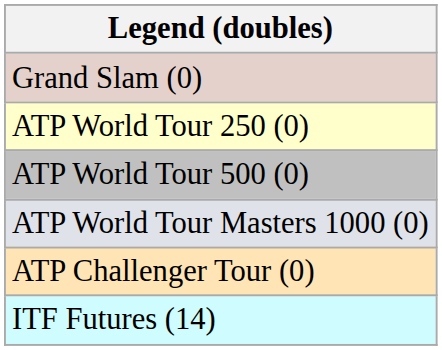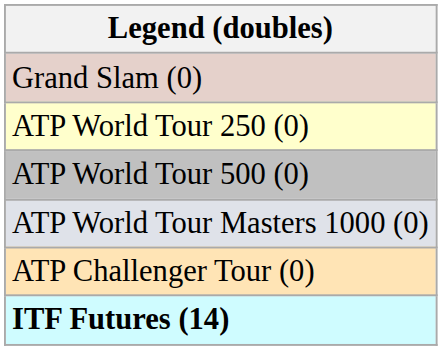 <table class="wikitable">
 <tr>
 <th>Legend (doubles)</th>
 </tr>
 <tr bgcolor="#e5d1cb">
 <td>Grand Slam (0)</td>
 </tr>
 <tr bgcolor="ffffcc">
 <td>ATP World Tour 250 (0)</td>
 </tr>
 <tr bgcolor="silver">
 <td>ATP World Tour 500 (0)</td>
 </tr>
 <tr bgcolor="#dfe2e9">
 <td>ATP World Tour Masters 1000 (0)</td>
 </tr>
 <tr bgcolor="moccasin">
 <td>ATP Challenger Tour (0)</td>
 </tr>
 <tr bgcolor="CFFCFF">
-<td>ITF Futures (14)</td>
+<td><strong>ITF Futures (14)</strong></td>
 </tr>
 </table>
